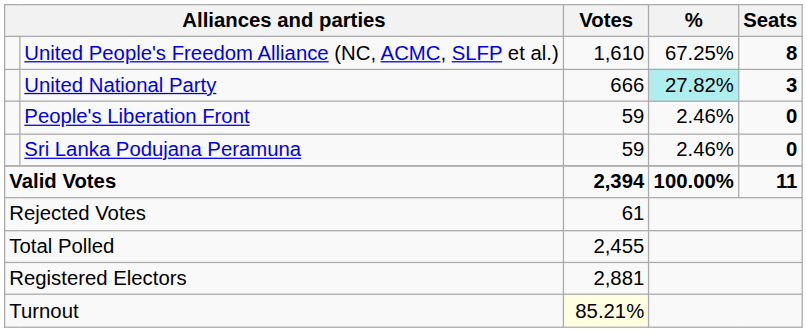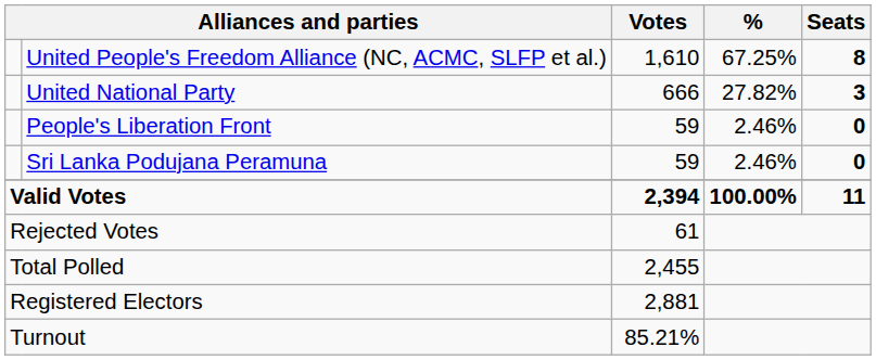 <table class="wikitable" border="1" style="text-align:right;">
 <tr>
 <th valign=bottom align=left colspan=2>Alliances and parties</th>
 <th valign=bottom align=center width="60">Votes</th>
 <th valign=bottom align=center width="50">%</th>
 <th valign=bottom align=center>Seats</th>
 </tr>
 <tr>
 <td bgcolor=> </td>
 <td align=left><a href='#'>United People's Freedom Alliance</a> (NC, <a href='#'>ACMC</a>, <a href='#'>SLFP</a> et al.)</td>
 <td>1,610</td>
 <td>67.25%</td>
 <td><strong>8</strong></td>
 </tr>
 <tr>
 <td bgcolor=> </td>
 <td align=left><a href='#'>United National Party</a></td>
 <td>666</td>
-<td style="background: paleturquoise;">27.82%</td>
+<td>27.82%</td>
 <td><strong>3</strong></td>
 </tr>
 <tr>
 <td bgcolor=> </td>
 <td align=left><a href='#'>People's Liberation Front</a></td>
 <td>59</td>
 <td>2.46%</td>
 <td><strong>0</strong></td>
 </tr>
 <tr>
 <td bgcolor=> </td>
 <td align=left><a href='#'>Sri Lanka Podujana Peramuna</a></td>
 <td>59</td>
 <td>2.46%</td>
 <td><strong>0</strong></td>
 </tr>
 <tr>
 </tr>
 <tr>
 <td colspan=2 align=left><strong>Valid Votes</strong></td>
 <td><strong>2,394</strong></td>
 <td><strong>100.00%</strong></td>
 <td><strong>11</strong></td>
 </tr>
 <tr>
 <td colspan=2 align=left>Rejected Votes</td>
 <td>61</td>
 <td colspan=2></td>
 </tr>
 <tr>
 <td colspan=2 align=left>Total Polled</td>
 <td>2,455</td>
 <td colspan=2></td>
 </tr>
 <tr>
 <td colspan=2 align=left>Registered Electors</td>
 <td>2,881</td>
 <td colspan=2></td>
 </tr>
 <tr>
 <td colspan=2 align=left>Turnout</td>
-<td style="background: lightyellow;">85.21%</td>
+<td>85.21%</td>
 <td colspan=2></td>
 </tr>
 </table>
